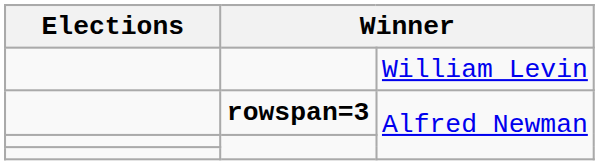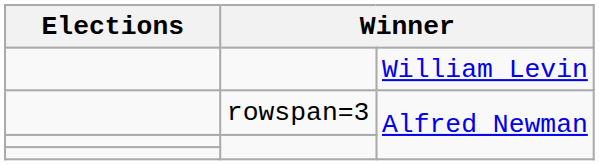 <table class=wikitable>
 <tr>
 <th width=100>Elections</th>
 <th width=175 colspan= 2>Winner</th>
 </tr>
 <tr>
 <td></td>
 <td></td>
 <td><a href='#'>William Levin</a></td>
 </tr>
 <tr>
 <td></td>
-<td><strong>rowspan=3 </strong></td>
+<td>rowspan=3 </td>
 <td rowspan=3><a href='#'>Alfred Newman</a></td>
 </tr>
 <tr>
 <td></td>
 </tr>
 <tr>
 <td></td>
 </tr>
 </table>
